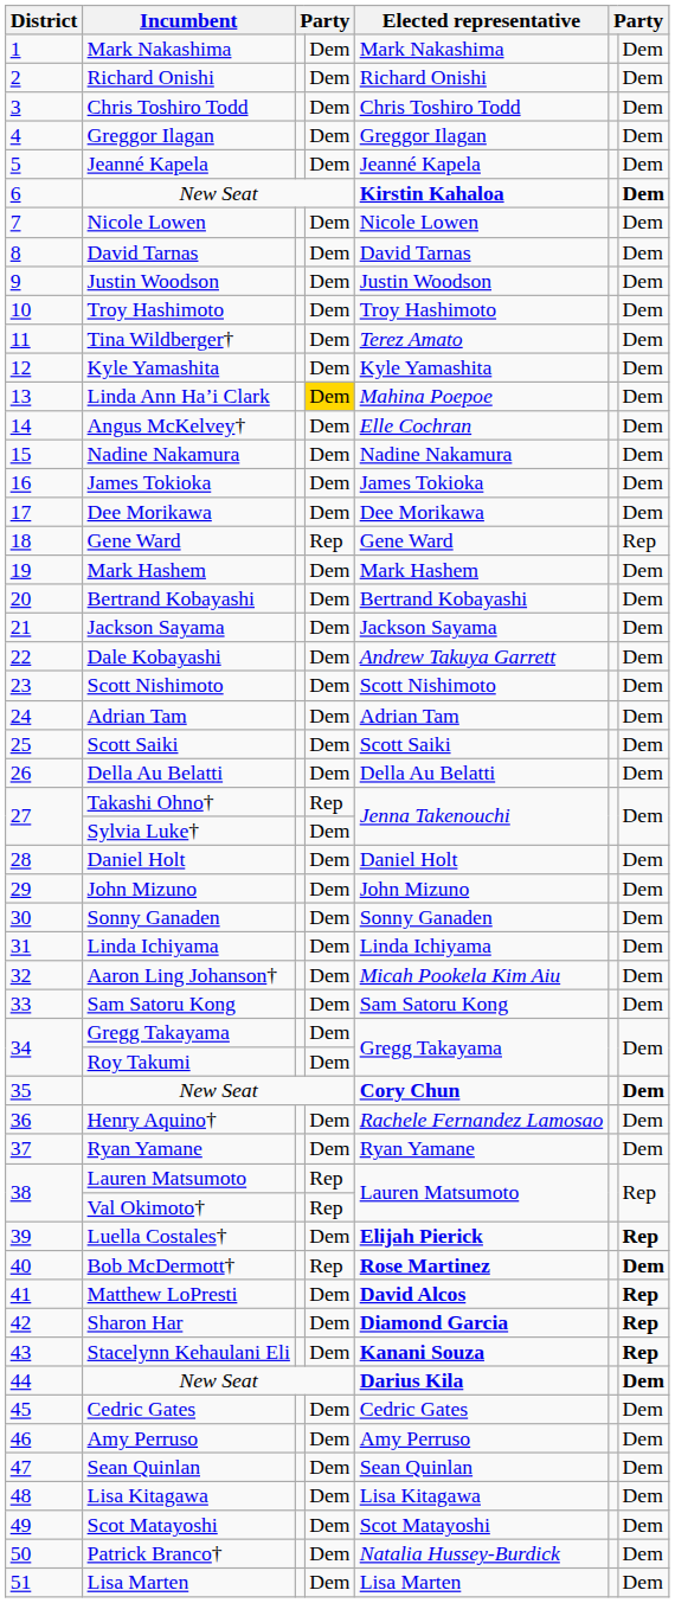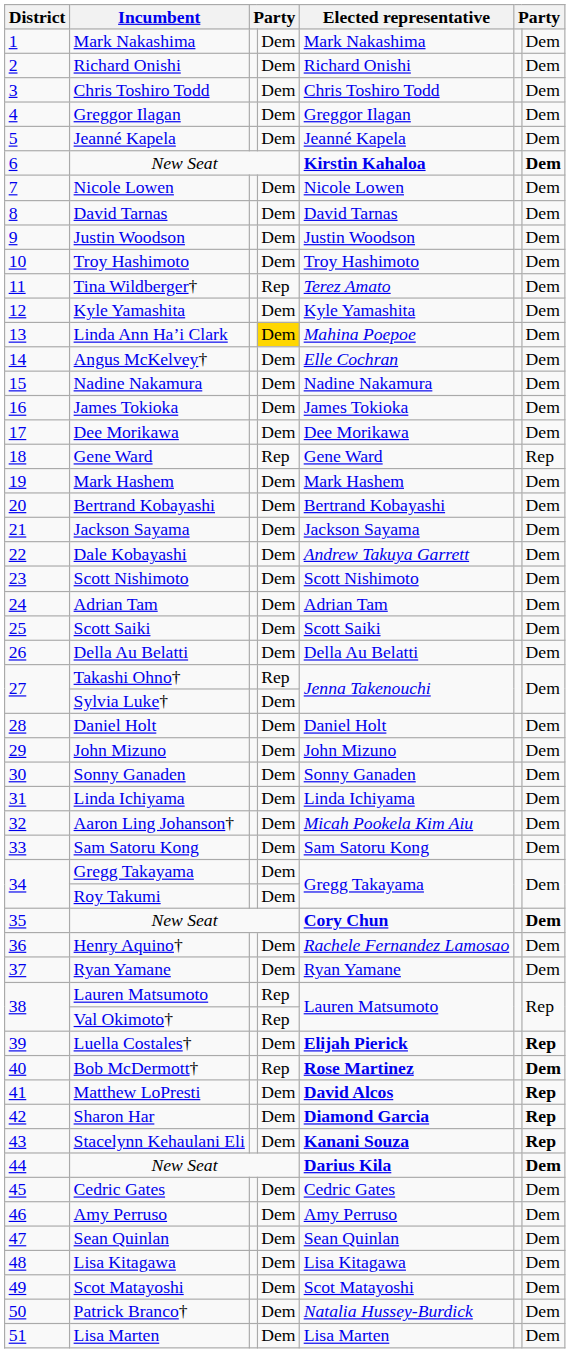 <table class="wikitable sortable" style="font-size:95%;line-height:14px;">
 <tr>
 <th>District</th>
 <th><a href='#'>Incumbent</a></th>
 <th colspan=2>Party</th>
 <th>Elected representative</th>
 <th colspan=2>Party</th>
 </tr>
 <tr>
 <td><a href='#'>1</a></td>
 <td><a href='#'>Mark Nakashima</a></td>
 <td style="background:"></td>
 <td>Dem</td>
 <td><a href='#'>Mark Nakashima</a></td>
 <td style="background:"></td>
 <td>Dem</td>
 </tr>
 <tr>
 <td><a href='#'>2</a></td>
 <td><a href='#'>Richard Onishi</a></td>
 <td style="background:"></td>
 <td>Dem</td>
 <td><a href='#'>Richard Onishi</a></td>
 <td style="background:"></td>
 <td>Dem</td>
 </tr>
 <tr>
 <td><a href='#'>3</a></td>
 <td><a href='#'>Chris Toshiro Todd</a></td>
 <td style="background:"></td>
 <td>Dem</td>
 <td><a href='#'>Chris Toshiro Todd</a></td>
 <td style="background:"></td>
 <td>Dem</td>
 </tr>
 <tr>
 <td><a href='#'>4</a></td>
 <td><a href='#'>Greggor Ilagan</a></td>
 <td style="background:"></td>
 <td>Dem</td>
 <td><a href='#'>Greggor Ilagan</a></td>
 <td style="background:"></td>
 <td>Dem</td>
 </tr>
 <tr>
 <td><a href='#'>5</a></td>
 <td><a href='#'>Jeanné Kapela</a></td>
 <td style="background:"></td>
 <td>Dem</td>
 <td><a href='#'>Jeanné Kapela</a></td>
 <td style="background:"></td>
 <td>Dem</td>
 </tr>
 <tr>
 <td><a href='#'>6</a></td>
 <td colspan=3 align=center><em>New Seat</em></td>
 <td><strong><a href='#'>Kirstin Kahaloa</a></strong></td>
 <td style="background:"></td>
 <td><strong>Dem</strong></td>
 </tr>
 <tr>
 <td><a href='#'>7</a></td>
 <td><a href='#'>Nicole Lowen</a></td>
 <td style="background:"></td>
 <td>Dem</td>
 <td><a href='#'>Nicole Lowen</a></td>
 <td style="background:"></td>
 <td>Dem</td>
 </tr>
 <tr>
 <td><a href='#'>8</a></td>
 <td><a href='#'>David Tarnas</a></td>
 <td style="background:"></td>
 <td>Dem</td>
 <td><a href='#'>David Tarnas</a></td>
 <td style="background:"></td>
 <td>Dem</td>
 </tr>
 <tr>
 <td><a href='#'>9</a></td>
 <td><a href='#'>Justin Woodson</a></td>
 <td style="background:"></td>
 <td>Dem</td>
 <td><a href='#'>Justin Woodson</a></td>
 <td style="background:"></td>
 <td>Dem</td>
 </tr>
 <tr>
 <td><a href='#'>10</a></td>
 <td><a href='#'>Troy Hashimoto</a></td>
 <td style="background:"></td>
 <td>Dem</td>
 <td><a href='#'>Troy Hashimoto</a></td>
 <td style="background:"></td>
 <td>Dem</td>
 </tr>
 <tr>
 <td><a href='#'>11</a></td>
 <td><a href='#'>Tina Wildberger</a>†</td>
 <td style="background:"></td>
-<td>Dem</td>
+<td>Rep</td>
 <td><em><a href='#'>Terez Amato</a></em></td>
 <td style="background:"></td>
 <td>Dem</td>
 </tr>
 <tr>
 <td><a href='#'>12</a></td>
 <td><a href='#'>Kyle Yamashita</a></td>
 <td style="background:"></td>
 <td>Dem</td>
 <td><a href='#'>Kyle Yamashita</a></td>
 <td style="background:"></td>
 <td>Dem</td>
 </tr>
 <tr>
 <td><a href='#'>13</a></td>
 <td><a href='#'>Linda Ann Ha’i Clark</a></td>
 <td style="background:"></td>
 <td style="background: gold;">Dem</td>
 <td><em><a href='#'>Mahina Poepoe</a></em></td>
 <td style="background:"></td>
 <td>Dem</td>
 </tr>
 <tr>
 <td><a href='#'>14</a></td>
 <td><a href='#'>Angus McKelvey</a>†</td>
 <td style="background:"></td>
 <td>Dem</td>
 <td><em><a href='#'>Elle Cochran</a></em></td>
 <td style="background:"></td>
 <td>Dem</td>
 </tr>
 <tr>
 <td><a href='#'>15</a></td>
 <td><a href='#'>Nadine Nakamura</a></td>
 <td style="background:"></td>
 <td>Dem</td>
 <td><a href='#'>Nadine Nakamura</a></td>
 <td style="background:"></td>
 <td>Dem</td>
 </tr>
 <tr>
 <td><a href='#'>16</a></td>
 <td><a href='#'>James Tokioka</a></td>
 <td style="background:"></td>
 <td>Dem</td>
 <td><a href='#'>James Tokioka</a></td>
 <td style="background:"></td>
 <td>Dem</td>
 </tr>
 <tr>
 <td><a href='#'>17</a></td>
 <td><a href='#'>Dee Morikawa</a></td>
 <td style="background:"></td>
 <td>Dem</td>
 <td><a href='#'>Dee Morikawa</a></td>
 <td style="background:"></td>
 <td>Dem</td>
 </tr>
 <tr>
 <td><a href='#'>18</a></td>
 <td><a href='#'>Gene Ward</a></td>
 <td style="background:"></td>
 <td>Rep</td>
 <td><a href='#'>Gene Ward</a></td>
 <td style="background:"></td>
 <td>Rep</td>
 </tr>
 <tr>
 <td><a href='#'>19</a></td>
 <td><a href='#'>Mark Hashem</a></td>
 <td style="background:"></td>
 <td>Dem</td>
 <td><a href='#'>Mark Hashem</a></td>
 <td style="background:"></td>
 <td>Dem</td>
 </tr>
 <tr>
 <td><a href='#'>20</a></td>
 <td><a href='#'>Bertrand Kobayashi</a></td>
 <td style="background:"></td>
 <td>Dem</td>
 <td><a href='#'>Bertrand Kobayashi</a></td>
 <td style="background:"></td>
 <td>Dem</td>
 </tr>
 <tr>
 <td><a href='#'>21</a></td>
 <td><a href='#'>Jackson Sayama</a></td>
 <td style="background:"></td>
 <td>Dem</td>
 <td><a href='#'>Jackson Sayama</a></td>
 <td style="background:"></td>
 <td>Dem</td>
 </tr>
 <tr>
 <td><a href='#'>22</a></td>
 <td><a href='#'>Dale Kobayashi</a></td>
 <td style="background:"></td>
 <td>Dem</td>
 <td><em><a href='#'>Andrew Takuya Garrett</a></em></td>
 <td style="background:"></td>
 <td>Dem</td>
 </tr>
 <tr>
 <td><a href='#'>23</a></td>
 <td><a href='#'>Scott Nishimoto</a></td>
 <td style="background:"></td>
 <td>Dem</td>
 <td><a href='#'>Scott Nishimoto</a></td>
 <td style="background:"></td>
 <td>Dem</td>
 </tr>
 <tr>
 <td><a href='#'>24</a></td>
 <td><a href='#'>Adrian Tam</a></td>
 <td style="background:"></td>
 <td>Dem</td>
 <td><a href='#'>Adrian Tam</a></td>
 <td style="background:"></td>
 <td>Dem</td>
 </tr>
 <tr>
 <td><a href='#'>25</a></td>
 <td><a href='#'>Scott Saiki</a></td>
 <td style="background:"></td>
 <td>Dem</td>
 <td><a href='#'>Scott Saiki</a></td>
 <td style="background:"></td>
 <td>Dem</td>
 </tr>
 <tr>
 <td><a href='#'>26</a></td>
 <td><a href='#'>Della Au Belatti</a></td>
 <td style="background:"></td>
 <td>Dem</td>
 <td><a href='#'>Della Au Belatti</a></td>
 <td style="background:"></td>
 <td>Dem</td>
 </tr>
 <tr>
 <td rowspan=2><a href='#'>27</a></td>
 <td><a href='#'>Takashi Ohno</a>†</td>
 <td style="background:"></td>
 <td>Rep</td>
 <td rowspan=2><em><a href='#'>Jenna Takenouchi</a></em></td>
 <td rowspan=2 style="background:"></td>
 <td rowspan=2>Dem</td>
 </tr>
 <tr>
 <td><a href='#'>Sylvia Luke</a>†</td>
 <td style="background:"></td>
 <td>Dem</td>
 </tr>
 <tr>
 <td><a href='#'>28</a></td>
 <td><a href='#'>Daniel Holt</a></td>
 <td style="background:"></td>
 <td>Dem</td>
 <td><a href='#'>Daniel Holt</a></td>
 <td style="background:"></td>
 <td>Dem</td>
 </tr>
 <tr>
 <td><a href='#'>29</a></td>
 <td><a href='#'>John Mizuno</a></td>
 <td style="background:"></td>
 <td>Dem</td>
 <td><a href='#'>John Mizuno</a></td>
 <td style="background:"></td>
 <td>Dem</td>
 </tr>
 <tr>
 <td><a href='#'>30</a></td>
 <td><a href='#'>Sonny Ganaden</a></td>
 <td style="background:"></td>
 <td>Dem</td>
 <td><a href='#'>Sonny Ganaden</a></td>
 <td style="background:"></td>
 <td>Dem</td>
 </tr>
 <tr>
 <td><a href='#'>31</a></td>
 <td><a href='#'>Linda Ichiyama</a></td>
 <td style="background:"></td>
 <td>Dem</td>
 <td><a href='#'>Linda Ichiyama</a></td>
 <td style="background:"></td>
 <td>Dem</td>
 </tr>
 <tr>
 <td><a href='#'>32</a></td>
 <td><a href='#'>Aaron Ling Johanson</a>†</td>
 <td style="background:"></td>
 <td>Dem</td>
 <td><em><a href='#'>Micah Pookela Kim Aiu</a></em></td>
 <td style="background:"></td>
 <td>Dem</td>
 </tr>
 <tr>
 <td><a href='#'>33</a></td>
 <td><a href='#'>Sam Satoru Kong</a></td>
 <td style="background:"></td>
 <td>Dem</td>
 <td><a href='#'>Sam Satoru Kong</a></td>
 <td style="background:"></td>
 <td>Dem</td>
 </tr>
 <tr>
 <td rowspan=2><a href='#'>34</a></td>
 <td><a href='#'>Gregg Takayama</a></td>
 <td style="background:"></td>
 <td>Dem</td>
 <td rowspan=2><a href='#'>Gregg Takayama</a></td>
 <td rowspan=2 style="background:"></td>
 <td rowspan=2>Dem</td>
 </tr>
 <tr>
 <td><a href='#'>Roy Takumi</a></td>
 <td style="background:"></td>
 <td>Dem</td>
 </tr>
 <tr>
 <td><a href='#'>35</a></td>
 <td colspan=3 align=center><em>New Seat</em></td>
 <td><strong><a href='#'>Cory Chun</a></strong></td>
 <td style="background:"></td>
 <td><strong>Dem</strong></td>
 </tr>
 <tr>
 <td><a href='#'>36</a></td>
 <td><a href='#'>Henry Aquino</a>†</td>
 <td style="background:"></td>
 <td>Dem</td>
 <td><em><a href='#'>Rachele Fernandez Lamosao</a></em></td>
 <td style="background:"></td>
 <td>Dem</td>
 </tr>
 <tr>
 <td><a href='#'>37</a></td>
 <td><a href='#'>Ryan Yamane</a></td>
 <td style="background:"></td>
 <td>Dem</td>
 <td><a href='#'>Ryan Yamane</a></td>
 <td style="background:"></td>
 <td>Dem</td>
 </tr>
 <tr>
 <td rowspan=2><a href='#'>38</a></td>
 <td><a href='#'>Lauren Matsumoto</a></td>
 <td style="background:"></td>
 <td>Rep</td>
 <td rowspan=2><a href='#'>Lauren Matsumoto</a></td>
 <td rowspan=2 style="background:"></td>
 <td rowspan=2>Rep</td>
 </tr>
 <tr>
 <td><a href='#'>Val Okimoto</a>†</td>
 <td style="background:"></td>
 <td>Rep</td>
 </tr>
 <tr>
 <td><a href='#'>39</a></td>
 <td><a href='#'>Luella Costales</a>†</td>
 <td style="background:"></td>
 <td>Dem</td>
 <td><strong><a href='#'>Elijah Pierick</a></strong></td>
 <td style="background:"></td>
 <td><strong>Rep</strong></td>
 </tr>
 <tr>
 <td><a href='#'>40</a></td>
 <td><a href='#'>Bob McDermott</a>†</td>
 <td style="background:"></td>
 <td>Rep</td>
 <td><strong><a href='#'>Rose Martinez</a></strong></td>
 <td style="background:"></td>
 <td><strong>Dem</strong></td>
 </tr>
 <tr>
 <td><a href='#'>41</a></td>
 <td><a href='#'>Matthew LoPresti</a></td>
 <td style="background:"></td>
 <td>Dem</td>
 <td><strong><a href='#'>David Alcos</a></strong></td>
 <td style="background:"></td>
 <td><strong>Rep</strong></td>
 </tr>
 <tr>
 <td><a href='#'>42</a></td>
 <td><a href='#'>Sharon Har</a></td>
 <td style="background:"></td>
 <td>Dem</td>
 <td><strong><a href='#'>Diamond Garcia</a></strong></td>
 <td style="background:"></td>
 <td><strong>Rep</strong></td>
 </tr>
 <tr>
 <td><a href='#'>43</a></td>
 <td><a href='#'>Stacelynn Kehaulani Eli</a></td>
 <td style="background:"></td>
 <td>Dem</td>
 <td><strong><a href='#'>Kanani Souza</a></strong></td>
 <td style="background:"></td>
 <td><strong>Rep</strong></td>
 </tr>
 <tr>
 <td><a href='#'>44</a></td>
 <td colspan=3 align=center><em>New Seat</em></td>
 <td><strong><a href='#'>Darius Kila</a></strong></td>
 <td style="background:"></td>
 <td><strong>Dem</strong></td>
 </tr>
 <tr>
 <td><a href='#'>45</a></td>
 <td><a href='#'>Cedric Gates</a></td>
 <td style="background:"></td>
 <td>Dem</td>
 <td><a href='#'>Cedric Gates</a></td>
 <td style="background:"></td>
 <td>Dem</td>
 </tr>
 <tr>
 <td><a href='#'>46</a></td>
 <td><a href='#'>Amy Perruso</a></td>
 <td style="background:"></td>
 <td>Dem</td>
 <td><a href='#'>Amy Perruso</a></td>
 <td style="background:"></td>
 <td>Dem</td>
 </tr>
 <tr>
 <td><a href='#'>47</a></td>
 <td><a href='#'>Sean Quinlan</a></td>
 <td style="background:"></td>
 <td>Dem</td>
 <td><a href='#'>Sean Quinlan</a></td>
 <td style="background:"></td>
 <td>Dem</td>
 </tr>
 <tr>
 <td><a href='#'>48</a></td>
 <td><a href='#'>Lisa Kitagawa</a></td>
 <td style="background:"></td>
 <td>Dem</td>
 <td><a href='#'>Lisa Kitagawa</a></td>
 <td style="background:"></td>
 <td>Dem</td>
 </tr>
 <tr>
 <td><a href='#'>49</a></td>
 <td><a href='#'>Scot Matayoshi</a></td>
 <td style="background:"></td>
 <td>Dem</td>
 <td><a href='#'>Scot Matayoshi</a></td>
 <td style="background:"></td>
 <td>Dem</td>
 </tr>
 <tr>
 <td><a href='#'>50</a></td>
 <td><a href='#'>Patrick Branco</a>†</td>
 <td style="background:"></td>
 <td>Dem</td>
 <td><em><a href='#'>Natalia Hussey-Burdick</a></em></td>
 <td style="background:"></td>
 <td>Dem</td>
 </tr>
 <tr>
 <td><a href='#'>51</a></td>
 <td><a href='#'>Lisa Marten</a></td>
 <td style="background:"></td>
 <td>Dem</td>
 <td><a href='#'>Lisa Marten</a></td>
 <td style="background:"></td>
 <td>Dem</td>
 </tr>
 </table>
